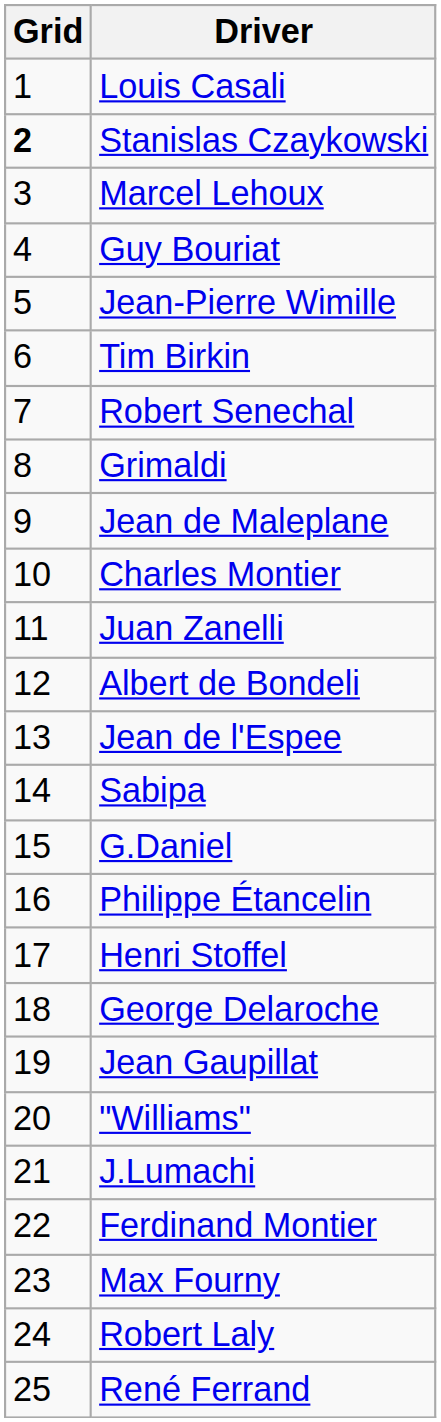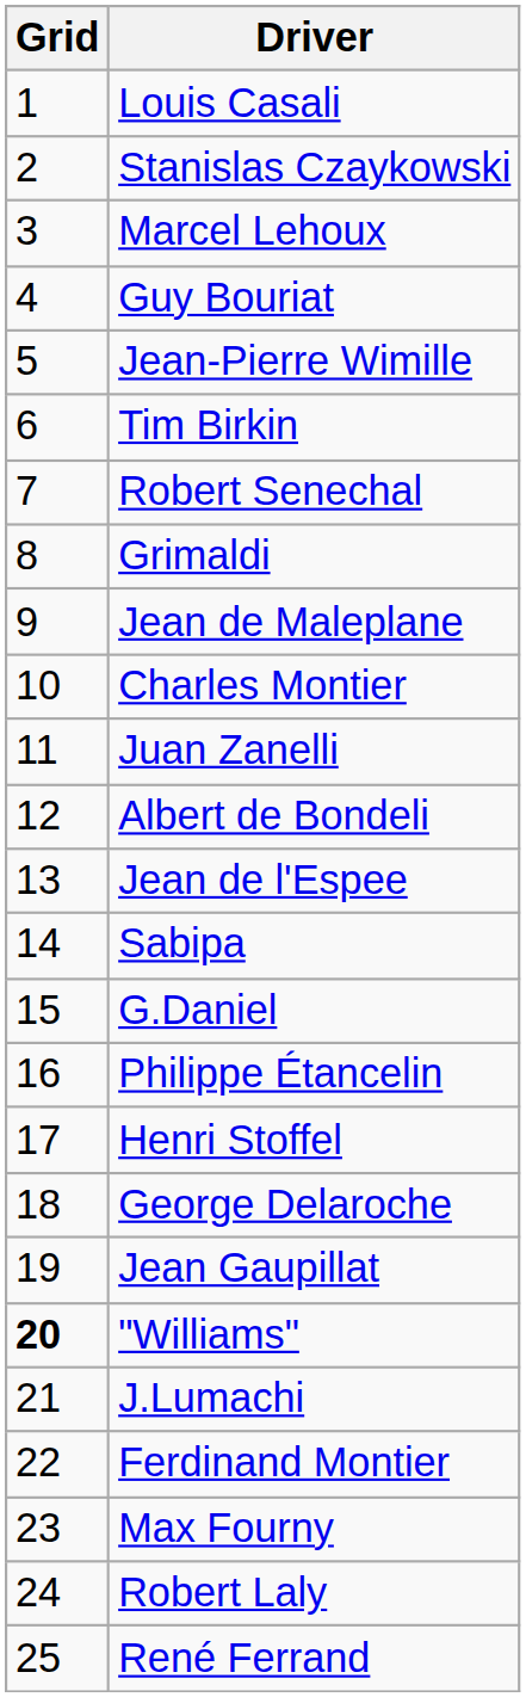 <table class="wikitable">
 <tr>
 <th>Grid</th>
 <th>Driver</th>
 </tr>
 <tr>
 <td>1</td>
 <td> <a href='#'>Louis Casali</a></td>
 </tr>
 <tr>
-<td><strong>2</strong></td>
+<td>2</td>
 <td> <a href='#'>Stanislas Czaykowski</a></td>
 </tr>
 <tr>
 <td>3</td>
 <td> <a href='#'>Marcel Lehoux</a></td>
 </tr>
 <tr>
 <td>4</td>
 <td> <a href='#'>Guy Bouriat</a></td>
 </tr>
 <tr>
 <td>5</td>
 <td> <a href='#'>Jean-Pierre Wimille</a></td>
 </tr>
 <tr>
 <td>6</td>
 <td> <a href='#'>Tim Birkin</a></td>
 </tr>
 <tr>
 <td>7</td>
 <td> <a href='#'>Robert Senechal</a></td>
 </tr>
 <tr>
 <td>8</td>
 <td> <a href='#'>Grimaldi</a></td>
 </tr>
 <tr>
 <td>9</td>
 <td> <a href='#'>Jean de Maleplane</a></td>
 </tr>
 <tr>
 <td>10</td>
 <td> <a href='#'>Charles Montier</a></td>
 </tr>
 <tr>
 <td>11</td>
 <td> <a href='#'>Juan Zanelli</a></td>
 </tr>
 <tr>
 <td>12</td>
 <td> <a href='#'>Albert de Bondeli</a></td>
 </tr>
 <tr>
 <td>13</td>
 <td> <a href='#'>Jean de l'Espee</a></td>
 </tr>
 <tr>
 <td>14</td>
 <td> <a href='#'>Sabipa</a></td>
 </tr>
 <tr>
 <td>15</td>
 <td> <a href='#'>G.Daniel</a></td>
 </tr>
 <tr>
 <td>16</td>
 <td> <a href='#'>Philippe Étancelin</a></td>
 </tr>
 <tr>
 <td>17</td>
 <td> <a href='#'>Henri Stoffel</a></td>
 </tr>
 <tr>
 <td>18</td>
 <td> <a href='#'>George Delaroche</a></td>
 </tr>
 <tr>
 <td>19</td>
 <td> <a href='#'>Jean Gaupillat</a></td>
 </tr>
 <tr>
-<td>20</td>
+<td><strong>20</strong></td>
 <td> <a href='#'>"Williams"</a></td>
 </tr>
 <tr>
 <td>21</td>
 <td> <a href='#'>J.Lumachi</a></td>
 </tr>
 <tr>
 <td>22</td>
 <td> <a href='#'>Ferdinand Montier</a></td>
 </tr>
 <tr>
 <td>23</td>
 <td> <a href='#'>Max Fourny</a></td>
 </tr>
 <tr>
 <td>24</td>
 <td> <a href='#'>Robert Laly</a></td>
 </tr>
 <tr>
 <td>25</td>
 <td> <a href='#'>René Ferrand</a></td>
 </tr>
 </table>
